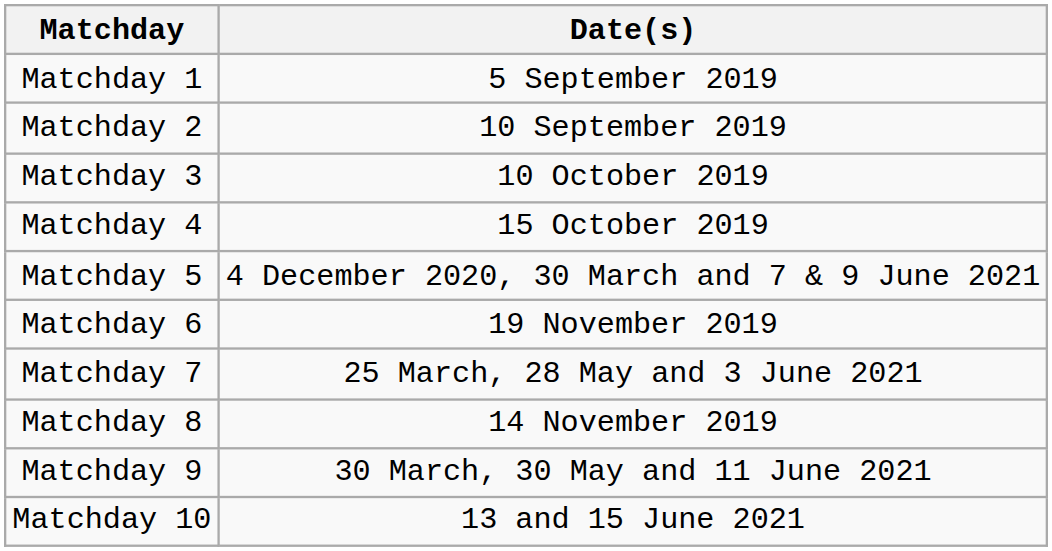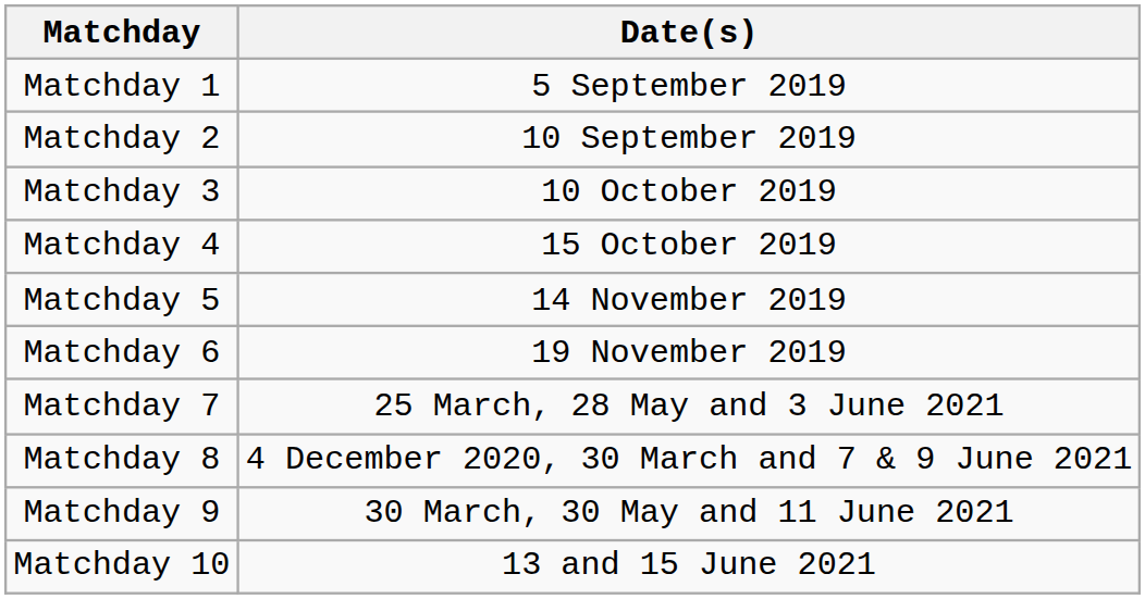 <table class="wikitable" style="text-align:center">
 <tr>
 <th>Matchday</th>
 <th>Date(s)</th>
 </tr>
 <tr>
 <td>Matchday 1</td>
 <td>5 September 2019</td>
 </tr>
 <tr>
 <td>Matchday 2</td>
 <td>10 September 2019</td>
 </tr>
 <tr>
 <td>Matchday 3</td>
 <td>10 October 2019</td>
 </tr>
 <tr>
 <td>Matchday 4</td>
 <td>15 October 2019</td>
 </tr>
 <tr>
 <td>Matchday 5</td>
-<td>4 December 2020, 30 March and 7 & 9 June 2021</td>
+<td>14 November 2019</td>
 </tr>
 <tr>
 <td>Matchday 6</td>
 <td>19 November 2019</td>
 </tr>
 <tr>
 <td>Matchday 7</td>
 <td>25 March, 28 May and 3 June 2021</td>
 </tr>
 <tr>
 <td>Matchday 8</td>
-<td>14 November 2019</td>
+<td>4 December 2020, 30 March and 7 & 9 June 2021</td>
 </tr>
 <tr>
 <td>Matchday 9</td>
 <td>30 March, 30 May and 11 June 2021</td>
 </tr>
 <tr>
 <td>Matchday 10</td>
 <td>13 and 15 June 2021</td>
 </tr>
 </table>
